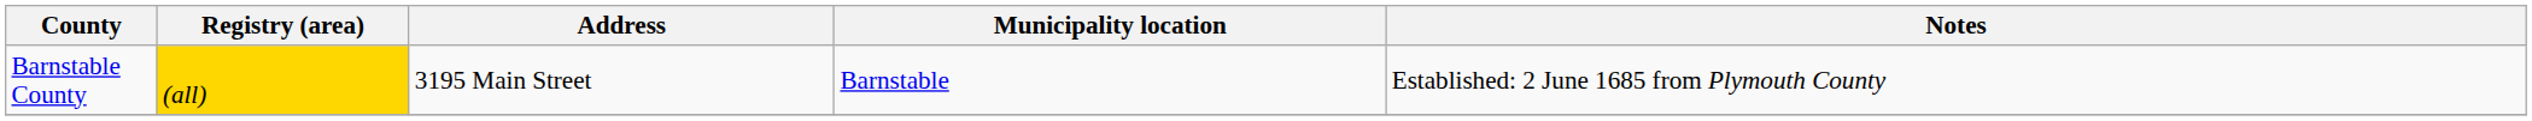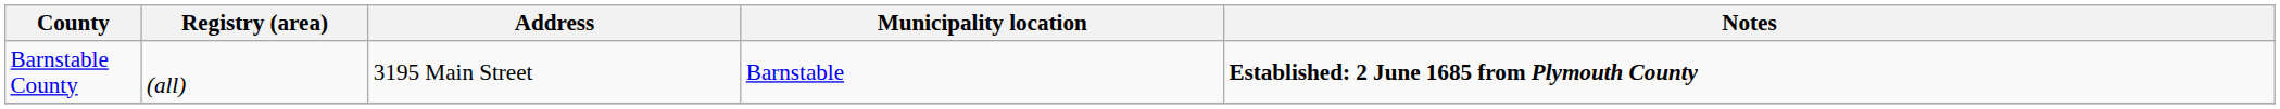 <table class="wikitable" width="100%">
 <tr>
 <th style="width:6%">County</th>
 <th style="width:10%">Registry (area)</th>
 <th>Address</th>
 <th>Municipality location</th>
 <th>Notes</th>
 </tr>
 <tr>
 <td><a href='#'>Barnstable County</a></td>
-<td style="background: gold;"><br><em>(all)</em></td>
+<td><br><em>(all)</em></td>
 <td>3195 Main Street</td>
 <td><a href='#'>Barnstable</a></td>
-<td>Established: 2 June 1685 from <em>Plymouth County</em></td>
+<td><strong>Established: 2 June 1685 from <em>Plymouth County</em></strong></td>
 </tr>
 <tr>
 </tr>
 </table>
